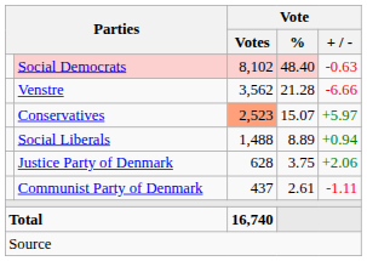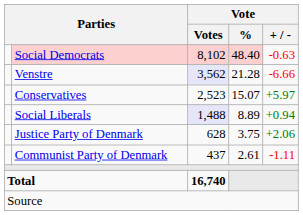 <table class="wikitable" style="text-align:right;">
 <tr>
 <th style="text-align:centre;" rowspan="2" colspan="2" width="225">Parties</th>
 <th colspan="3">Vote</th>
 </tr>
 <tr>
 <th width="15">Votes</th>
 <th width="15">%</th>
 <th width="15">+ / -</th>
 </tr>
 <tr>
 <td width="2" style="color:inherit;background:"></td>
 <td bgcolor=#fbd0ce  align="left"><a href='#'>Social Democrats</a></td>
 <td bgcolor=#fbd0ce>8,102</td>
 <td bgcolor=#fbd0ce>48.40</td>
 <td style=color:red;>-0.63</td>
 </tr>
 <tr>
 <td width="2" style="color:inherit;background:"></td>
 <td align="left"><a href='#'>Venstre</a></td>
-<td>3,562</td>
+<td style="background: lavender;">3,562</td>
 <td>21.28</td>
 <td style=color:red;>-6.66</td>
 </tr>
 <tr>
 <td width="2" style="color:inherit;background:"></td>
 <td align="left"><a href='#'>Conservatives</a></td>
-<td style="background: lightsalmon;">2,523</td>
+<td>2,523</td>
 <td>15.07</td>
 <td style=color:green;>+5.97</td>
 </tr>
 <tr>
 <td width="2" style="color:inherit;background:"></td>
 <td align="left"><a href='#'>Social Liberals</a></td>
-<td>1,488</td>
+<td style="background: lavender;">1,488</td>
 <td>8.89</td>
 <td style=color:green;>+0.94</td>
 </tr>
 <tr>
 <td width="2" style="color:inherit;background:"></td>
 <td align="left"><a href='#'>Justice Party of Denmark</a></td>
 <td>628</td>
 <td>3.75</td>
 <td style=color:green;>+2.06</td>
 </tr>
 <tr>
 <td width="2" style="color:inherit;background:"></td>
 <td align="left"><a href='#'>Communist Party of Denmark</a></td>
 <td>437</td>
 <td>2.61</td>
 <td style=color:red;>-1.11</td>
 </tr>
 <tr>
 <td colspan="7" bgcolor="#E9E9E9"></td>
 </tr>
 <tr>
 <td align="left" colspan="2"><strong>Total</strong></td>
 <td><strong>16,740</strong></td>
 <td bgcolor="#E9E9E9" colspan="2"></td>
 </tr>
 <tr>
 <td align="left" colspan="6">Source</td>
 </tr>
 </table>
